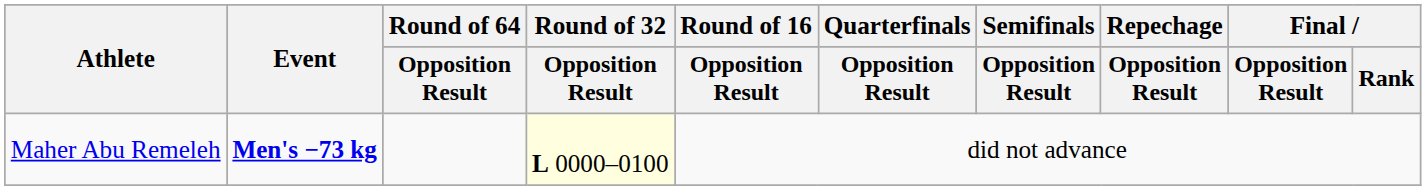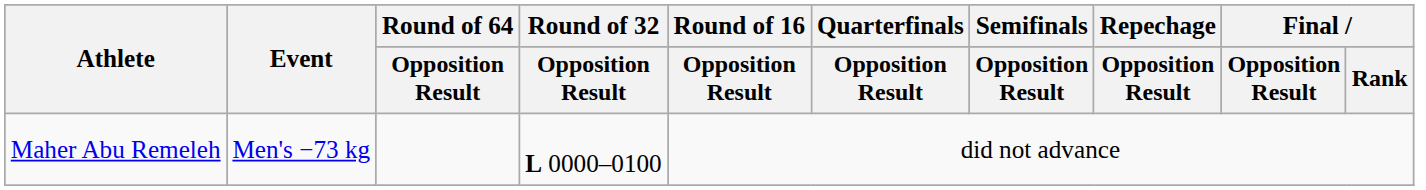 <table class="wikitable" style="font-size:90%">
 <tr>
 <th rowspan=2>Athlete</th>
 <th rowspan=2>Event</th>
 <th>Round of 64</th>
 <th>Round of 32</th>
 <th>Round of 16</th>
 <th>Quarterfinals</th>
 <th>Semifinals</th>
 <th>Repechage</th>
 <th colspan=2>Final / </th>
 </tr>
 <tr style="font-size:95%">
 <th>Opposition<br>Result</th>
 <th>Opposition<br>Result</th>
 <th>Opposition<br>Result</th>
 <th>Opposition<br>Result</th>
 <th>Opposition<br>Result</th>
 <th>Opposition<br>Result</th>
 <th>Opposition<br>Result</th>
 <th>Rank</th>
 </tr>
 <tr align=center>
 <td align=left><a href='#'>Maher Abu Remeleh</a></td>
-<td align=left><strong><a href='#'>Men's −73 kg</a></strong></td>
+<td align=left><a href='#'>Men's −73 kg</a></td>
 <td></td>
-<td style="background: lightyellow;"><br><strong>L</strong> 0000–0100</td>
+<td><br><strong>L</strong> 0000–0100</td>
 <td colspan=6>did not advance</td>
 </tr>
 </table>
